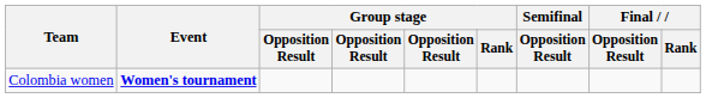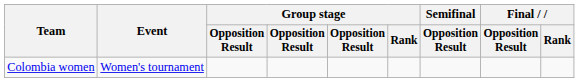 <table class=wikitable style=font-size:90%;text-align:center>
 <tr>
 <th rowspan=2>Team</th>
 <th rowspan=2>Event</th>
 <th colspan=4>Group stage</th>
 <th>Semifinal</th>
 <th colspan=2>Final /  / </th>
 </tr>
 <tr style=font-size:95%>
 <th>Opposition<br>Result</th>
 <th>Opposition<br>Result</th>
 <th>Opposition<br>Result</th>
 <th>Rank</th>
 <th>Opposition<br>Result</th>
 <th>Opposition<br>Result</th>
 <th>Rank</th>
 </tr>
 <tr>
 <td align=left><a href='#'>Colombia women</a></td>
-<td align=left><strong><a href='#'>Women's tournament</a></strong></td>
+<td align=left><a href='#'>Women's tournament</a></td>
 <td></td>
 <td></td>
 <td></td>
 <td></td>
 <td></td>
 <td></td>
 <td></td>
 </tr>
 </table>
